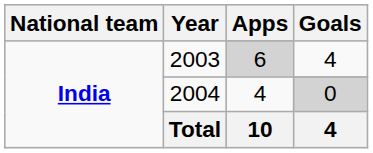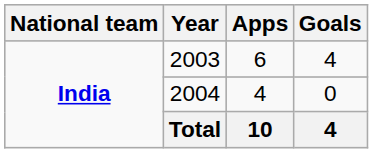 <table class="wikitable" style="font-size:90%; text-align: center;">
 <tr>
 <th>National team</th>
 <th>Year</th>
 <th>Apps</th>
 <th>Goals</th>
 </tr>
 <tr>
 <td rowspan=3><strong><a href='#'>India</a></strong></td>
 <td>2003</td>
-<td style="background: lightgrey;">6</td>
+<td>6</td>
 <td>4</td>
 </tr>
 <tr>
 <td>2004</td>
 <td>4</td>
-<td style="background: lightgrey;">0</td>
+<td>0</td>
 </tr>
 <tr>
 <th>Total</th>
 <th>10</th>
 <th>4</th>
 </tr>
 </table>
